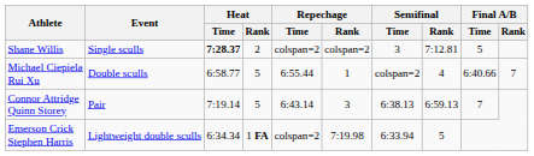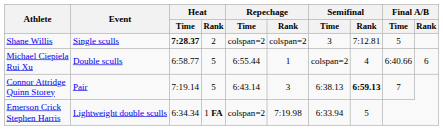 <table class=wikitable style=font-size:90%;text-align:center>
 <tr>
 <th rowspan=2>Athlete</th>
 <th rowspan=2>Event</th>
 <th colspan=2>Heat</th>
 <th colspan=2>Repechage</th>
 <th colspan=2>Semifinal</th>
 <th colspan=2>Final A/B</th>
 </tr>
 <tr style=font-size:95%>
 <th>Time</th>
 <th>Rank</th>
 <th>Time</th>
 <th>Rank</th>
 <th>Time</th>
 <th>Rank</th>
 <th>Time</th>
 <th>Rank</th>
 </tr>
 <tr>
 <td align=left><a href='#'>Shane Willis</a></td>
 <td align=left><a href='#'>Single sculls</a></td>
 <td><strong>7:28.37</strong></td>
 <td>2 <strong></strong></td>
 <td>colspan=2 </td>
 <td>colspan=2 </td>
 <td>3 <strong></strong></td>
 <td>7:12.81</td>
 <td>5</td>
 </tr>
 <tr>
 <td align=left><a href='#'>Michael Ciepiela</a><br><a href='#'>Rui Xu</a></td>
 <td align=left><a href='#'>Double sculls</a></td>
 <td>6:58.77</td>
 <td>5 <strong></strong></td>
 <td>6:55.44</td>
 <td>1 <strong></strong></td>
 <td>colspan=2</td>
 <td>4 <strong></strong></td>
 <td>6:40.66</td>
-<td>7</td>
+<td>6</td>
 </tr>
 <tr>
 <td align=left><a href='#'>Connor Attridge</a><br><a href='#'>Quinn Storey</a></td>
 <td align=left><a href='#'>Pair</a></td>
 <td>7:19.14</td>
 <td>5 <strong></strong></td>
 <td>6:43.14</td>
 <td>3 <strong></strong></td>
 <td>6:38.13</td>
-<td>6:59.13</td>
+<td><strong>6:59.13</strong></td>
 <td>7</td>
 </tr>
 <tr>
 <td align=left><a href='#'>Emerson Crick</a><br><a href='#'>Stephen Harris</a></td>
 <td align=left><a href='#'>Lightweight double sculls</a></td>
 <td>6:34.34</td>
 <td>1 <strong>FA</strong></td>
 <td>colspan=2 </td>
 <td>7:19.98</td>
 <td>6:33.94</td>
 <td>5</td>
 </tr>
 </table>
